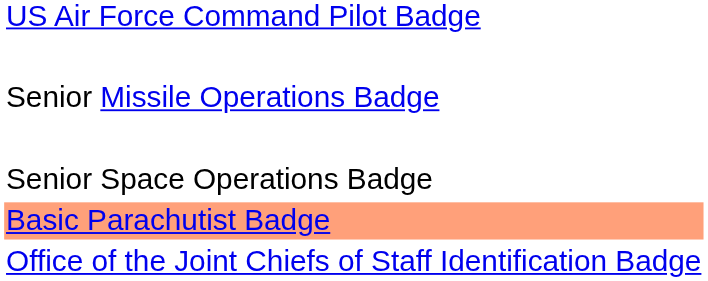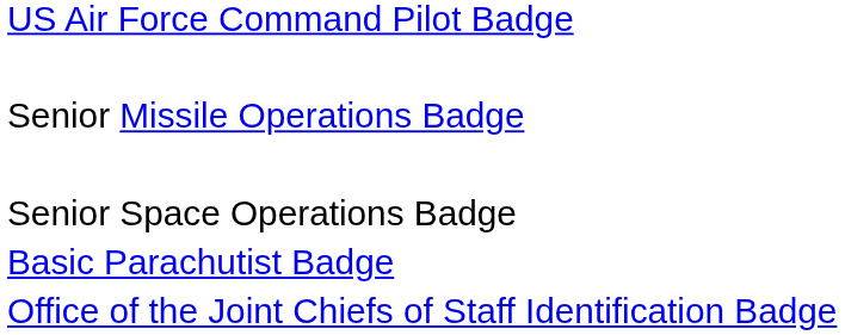 <table>
 <tr>
 <td></td>
 <td><a href='#'>US Air Force Command Pilot Badge</a></td>
 </tr>
 <tr>
 <td><br></td>
 </tr>
 <tr>
 <td><span></span></td>
 <td>Senior <a href='#'>Missile Operations Badge</a></td>
 </tr>
 <tr>
 <td><br></td>
 </tr>
 <tr>
 <td><span></span></td>
 <td>Senior Space Operations Badge</td>
 </tr>
 <tr>
 <td></td>
-<td style="background: lightsalmon;"><a href='#'>Basic Parachutist Badge</a></td>
+<td><a href='#'>Basic Parachutist Badge</a></td>
 </tr>
 <tr>
 <td></td>
 <td><a href='#'>Office of the Joint Chiefs of Staff Identification Badge</a></td>
 </tr>
 </table>
